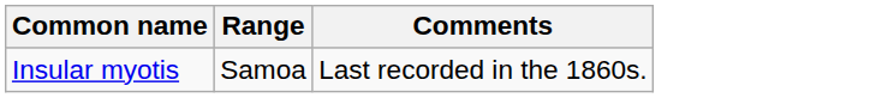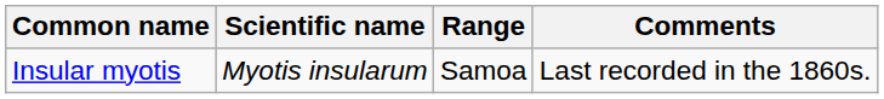 <table class="wikitable">
 <tr>
 <th>Common name</th>
+<th>Scientific name</th>
 <th>Range</th>
 <th class="unsortable">Comments</th>
 </tr>
 <tr>
 <td><a href='#'>Insular myotis</a></td>
+<td><em>Myotis insularum</em></td>
 <td>Samoa</td>
 <td>Last recorded in the 1860s.</td>
 </tr>
 </table>
